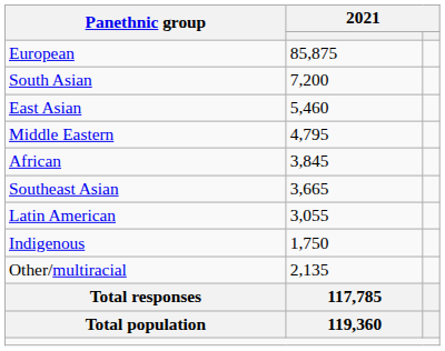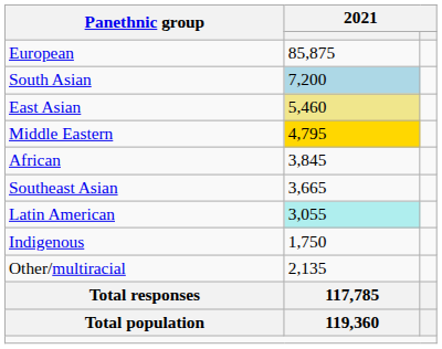 <table class="wikitable collapsible sortable">
 <tr>
 <th rowspan="2"><a href='#'>Panethnic</a> group</th>
 <th colspan="2">2021</th>
 </tr>
 <tr>
 <th><a href='#'></a></th>
 <th></th>
 </tr>
 <tr>
 <td><a href='#'>European</a></td>
 <td>85,875</td>
 <td></td>
 </tr>
 <tr>
 <td><a href='#'>South Asian</a></td>
-<td>7,200</td>
+<td style="background: lightblue;">7,200</td>
 <td></td>
 </tr>
 <tr>
 <td><a href='#'>East Asian</a></td>
-<td>5,460</td>
+<td style="background: khaki;">5,460</td>
 <td></td>
 </tr>
 <tr>
 <td><a href='#'>Middle Eastern</a></td>
-<td>4,795</td>
+<td style="background: gold;">4,795</td>
 <td></td>
 </tr>
 <tr>
 <td><a href='#'>African</a></td>
 <td>3,845</td>
 <td></td>
 </tr>
 <tr>
 <td><a href='#'>Southeast Asian</a></td>
 <td>3,665</td>
 <td></td>
 </tr>
 <tr>
 <td><a href='#'>Latin American</a></td>
-<td>3,055</td>
+<td style="background: paleturquoise;">3,055</td>
 <td></td>
 </tr>
 <tr>
 <td><a href='#'>Indigenous</a></td>
 <td>1,750</td>
 <td></td>
 </tr>
 <tr>
 <td>Other/<a href='#'>multiracial</a></td>
 <td>2,135</td>
 <td></td>
 </tr>
 <tr>
 <th>Total responses</th>
 <th>117,785</th>
 <th></th>
 </tr>
 <tr class="sortbottom">
 <th>Total population</th>
 <th>119,360</th>
 <th></th>
 </tr>
 <tr class="sortbottom">
 <td colspan="15" style="width: 25em;"></td>
 </tr>
 </table>
